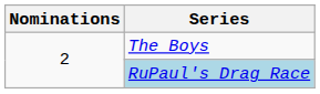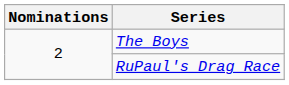 <table class="wikitable">
 <tr>
 <th scope="col" style="width:55px;">Nominations</th>
 <th scope="col" style="text-align:center;">Series</th>
 </tr>
 <tr>
 <td rowspan="2" style="text-align:center">2</td>
 <td><em><a href='#'>The Boys</a></em></td>
 </tr>
 <tr>
-<td style="background: lightblue;"><em><a href='#'>RuPaul's Drag Race</a></em></td>
+<td><em><a href='#'>RuPaul's Drag Race</a></em></td>
 </tr>
 </table>
